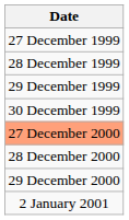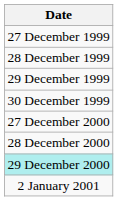 <table class="wikitable" style="text-align:center;">
 <tr>
 <th>Date</th>
 </tr>
 <tr>
 <td>27 December 1999</td>
 </tr>
 <tr>
 <td>28 December 1999</td>
 </tr>
 <tr>
 <td>29 December 1999</td>
 </tr>
 <tr>
 <td>30 December 1999</td>
 </tr>
 <tr>
-<td style="background: lightsalmon;">27 December 2000</td>
+<td>27 December 2000</td>
 </tr>
 <tr>
 <td>28 December 2000</td>
 </tr>
 <tr>
-<td>29 December 2000</td>
+<td style="background: paleturquoise;">29 December 2000</td>
 </tr>
 <tr>
 <td>2 January 2001</td>
 </tr>
 </table>
